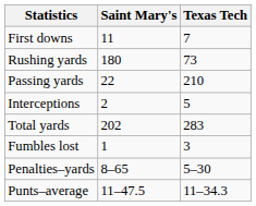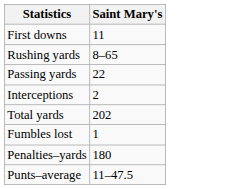 <table class="wikitable">
 <tr>
 <th>Statistics</th>
 <th>Saint Mary's</th>
-<th>Texas Tech</th>
 </tr>
 <tr>
 <td>First downs</td>
 <td>11</td>
-<td>7</td>
 </tr>
 <tr>
 <td>Rushing yards</td>
-<td>180</td>
-<td>73</td>
+<td>8–65</td>
 </tr>
 <tr>
 <td>Passing yards</td>
 <td>22</td>
-<td>210</td>
 </tr>
 <tr>
 <td>Interceptions</td>
 <td>2</td>
-<td>5</td>
 </tr>
 <tr>
 <td>Total yards</td>
 <td>202</td>
-<td>283</td>
 </tr>
 <tr>
 <td>Fumbles lost</td>
 <td>1</td>
-<td>3</td>
 </tr>
 <tr>
 <td>Penalties–yards</td>
-<td>8–65</td>
-<td>5–30</td>
+<td>180</td>
 </tr>
 <tr>
 <td>Punts–average</td>
 <td>11–47.5</td>
-<td>11–34.3</td>
 </tr>
 </table>
